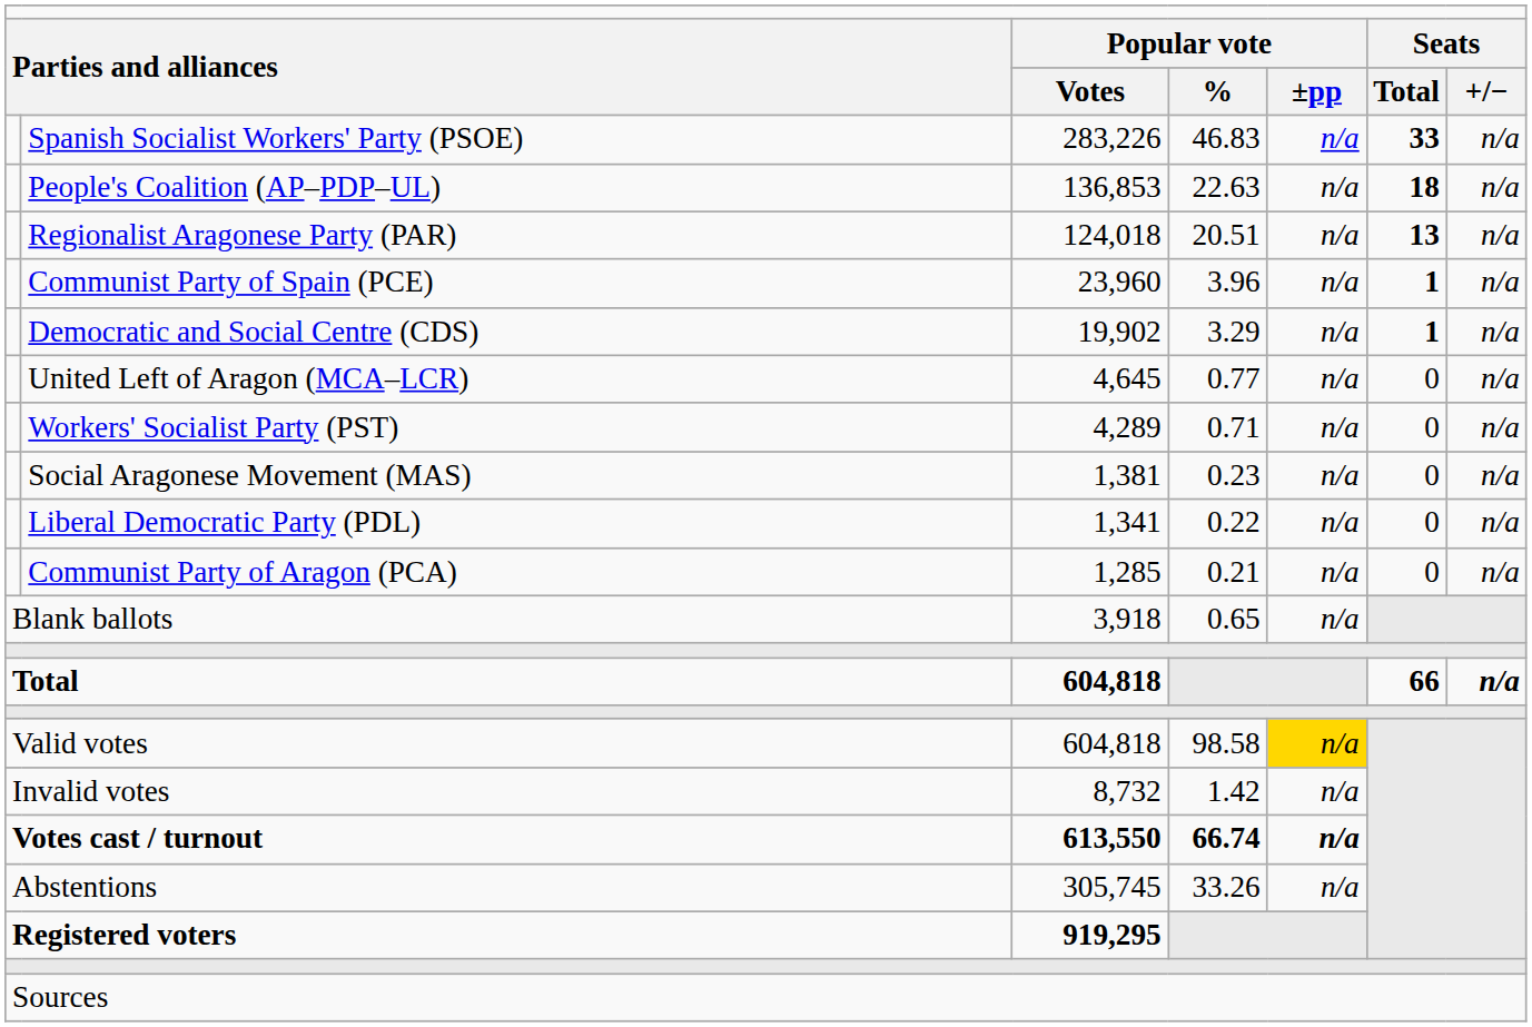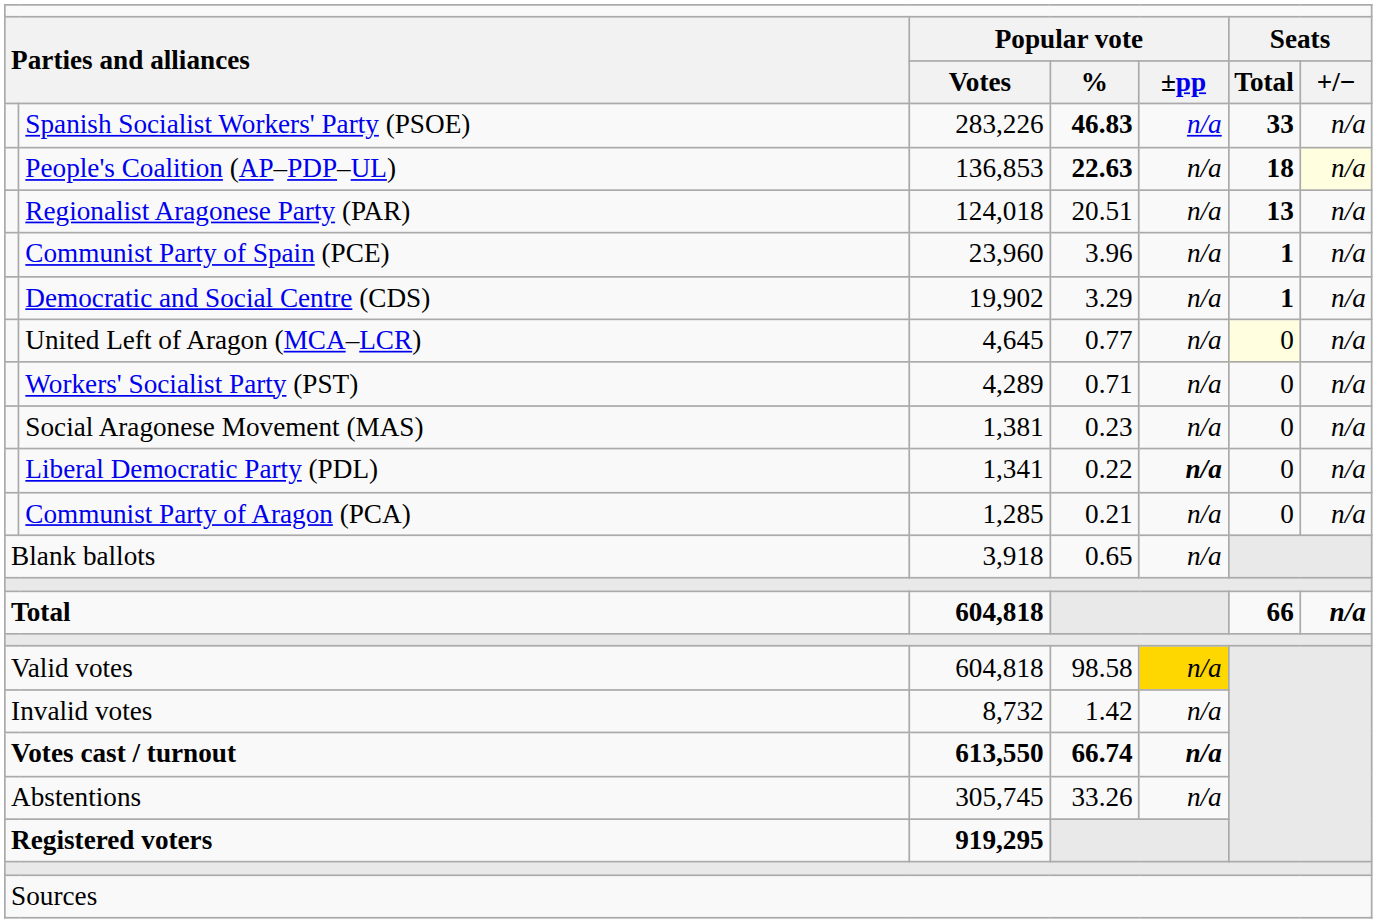 <table class="wikitable" style="text-align:right;">
 <tr>
 <td colspan="7"></td>
 </tr>
 <tr>
 <th style="text-align:left;" rowspan="2" colspan="2" width="525">Parties and alliances</th>
 <th colspan="3">Popular vote</th>
 <th colspan="2">Seats</th>
 </tr>
 <tr>
 <th width="75">Votes</th>
 <th width="45">%</th>
 <th width="45">±<a href='#'>pp</a></th>
 <th width="35">Total</th>
 <th width="35">+/−</th>
 </tr>
 <tr>
 <td width="1" style="color:inherit;background:"></td>
 <td align="left"><a href='#'>Spanish Socialist Workers' Party</a> (PSOE)</td>
 <td>283,226</td>
-<td>46.83</td>
+<td><strong>46.83</strong></td>
 <td><em><a href='#'>n/a</a></em></td>
 <td><strong>33</strong></td>
 <td><em>n/a</em></td>
 </tr>
 <tr>
 <td style="color:inherit;background:"></td>
 <td align="left"><a href='#'>People's Coalition</a> (<a href='#'>AP</a>–<a href='#'>PDP</a>–<a href='#'>UL</a>)</td>
 <td>136,853</td>
-<td>22.63</td>
+<td><strong>22.63</strong></td>
 <td><em>n/a</em></td>
 <td><strong>18</strong></td>
-<td><em>n/a</em></td>
+<td style="background: lightyellow;"><em>n/a</em></td>
 </tr>
 <tr>
 <td style="color:inherit;background:"></td>
 <td align="left"><a href='#'>Regionalist Aragonese Party</a> (PAR)</td>
 <td>124,018</td>
 <td>20.51</td>
 <td><em>n/a</em></td>
 <td><strong>13</strong></td>
 <td><em>n/a</em></td>
 </tr>
 <tr>
 <td style="color:inherit;background:"></td>
 <td align="left"><a href='#'>Communist Party of Spain</a> (PCE)</td>
 <td>23,960</td>
 <td>3.96</td>
 <td><em>n/a</em></td>
 <td><strong>1</strong></td>
 <td><em>n/a</em></td>
 </tr>
 <tr>
 <td style="color:inherit;background:"></td>
 <td align="left"><a href='#'>Democratic and Social Centre</a> (CDS)</td>
 <td>19,902</td>
 <td>3.29</td>
 <td><em>n/a</em></td>
 <td><strong>1</strong></td>
 <td><em>n/a</em></td>
 </tr>
 <tr>
 <td style="color:inherit;background:"></td>
 <td align="left">United Left of Aragon (<a href='#'>MCA</a>–<a href='#'>LCR</a>)</td>
 <td>4,645</td>
 <td>0.77</td>
 <td><em>n/a</em></td>
-<td>0</td>
+<td style="background: lightyellow;">0</td>
 <td><em>n/a</em></td>
 </tr>
 <tr>
 <td style="color:inherit;background:"></td>
 <td align="left"><a href='#'>Workers' Socialist Party</a> (PST)</td>
 <td>4,289</td>
 <td>0.71</td>
 <td><em>n/a</em></td>
 <td>0</td>
 <td><em>n/a</em></td>
 </tr>
 <tr>
 <td style="color:inherit;background:"></td>
 <td align="left">Social Aragonese Movement (MAS)</td>
 <td>1,381</td>
 <td>0.23</td>
 <td><em>n/a</em></td>
 <td>0</td>
 <td><em>n/a</em></td>
 </tr>
 <tr>
 <td style="color:inherit;background:"></td>
 <td align="left"><a href='#'>Liberal Democratic Party</a> (PDL)</td>
 <td>1,341</td>
 <td>0.22</td>
-<td><em>n/a</em></td>
+<td><strong><em>n/a</em></strong></td>
 <td>0</td>
 <td><em>n/a</em></td>
 </tr>
 <tr>
 <td style="color:inherit;background:"></td>
 <td align="left"><a href='#'>Communist Party of Aragon</a> (PCA)</td>
 <td>1,285</td>
 <td>0.21</td>
 <td><em>n/a</em></td>
 <td>0</td>
 <td><em>n/a</em></td>
 </tr>
 <tr>
 <td align="left" colspan="2">Blank ballots</td>
 <td>3,918</td>
 <td>0.65</td>
 <td><em>n/a</em></td>
 <td bgcolor="#E9E9E9" colspan="2"></td>
 </tr>
 <tr>
 <td colspan="7" bgcolor="#E9E9E9"></td>
 </tr>
 <tr style="font-weight:bold;">
 <td align="left" colspan="2">Total</td>
 <td>604,818</td>
 <td bgcolor="#E9E9E9" colspan="2"></td>
 <td>66</td>
 <td><em>n/a</em></td>
 </tr>
 <tr>
 <td colspan="7" bgcolor="#E9E9E9"></td>
 </tr>
 <tr>
 <td align="left" colspan="2">Valid votes</td>
 <td>604,818</td>
 <td>98.58</td>
 <td style="background: gold;"><em>n/a</em></td>
 <td bgcolor="#E9E9E9" colspan="2" rowspan="5"></td>
 </tr>
 <tr>
 <td align="left" colspan="2">Invalid votes</td>
 <td>8,732</td>
 <td>1.42</td>
 <td><em>n/a</em></td>
 </tr>
 <tr style="font-weight:bold;">
 <td align="left" colspan="2">Votes cast / turnout</td>
 <td>613,550</td>
 <td>66.74</td>
 <td><em>n/a</em></td>
 </tr>
 <tr>
 <td align="left" colspan="2">Abstentions</td>
 <td>305,745</td>
 <td>33.26</td>
 <td><em>n/a</em></td>
 </tr>
 <tr style="font-weight:bold;">
 <td align="left" colspan="2">Registered voters</td>
 <td>919,295</td>
 <td bgcolor="#E9E9E9" colspan="2"></td>
 </tr>
 <tr>
 <td colspan="7" bgcolor="#E9E9E9"></td>
 </tr>
 <tr>
 <td align="left" colspan="7">Sources</td>
 </tr>
 </table>
